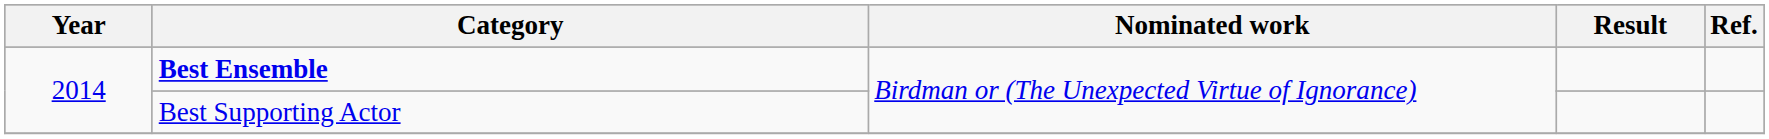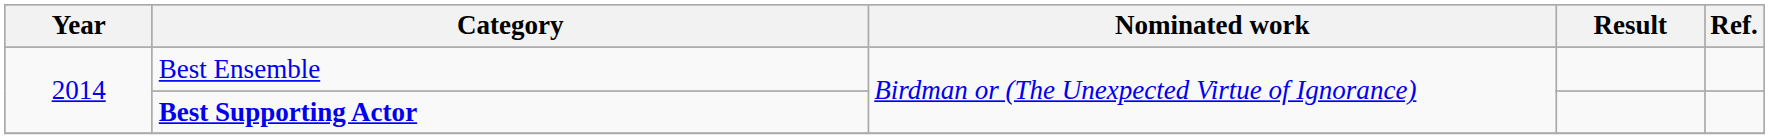 <table class=wikitable>
 <tr>
 <th scope="col" style="width:5em;">Year</th>
 <th scope="col" style="width:26em;">Category</th>
 <th scope="col" style="width:25em;">Nominated work</th>
 <th scope="col" style="width:5em;">Result</th>
 <th>Ref.</th>
 </tr>
 <tr>
 <td style="text-align:center;", rowspan="2"><a href='#'>2014</a></td>
-<td><strong><a href='#'>Best Ensemble</a></strong></td>
+<td><a href='#'>Best Ensemble</a></td>
 <td rowspan="2"><em><a href='#'>Birdman or (The Unexpected Virtue of Ignorance)</a></em></td>
 <td></td>
 <td></td>
 </tr>
 <tr>
-<td><a href='#'>Best Supporting Actor</a></td>
+<td><strong><a href='#'>Best Supporting Actor</a></strong></td>
 <td></td>
 <td></td>
 </tr>
 <tr>
 </tr>
 </table>
